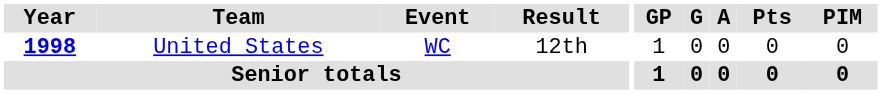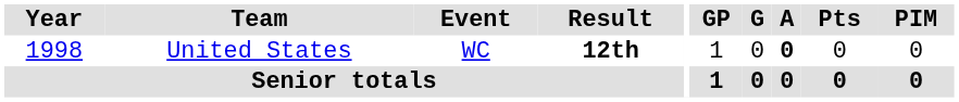 <table border="0" cellpadding="1" cellspacing="0" ID="Table3" style="text-align:center; width:40em">
 <tr ALIGN="center" bgcolor="#e0e0e0">
 <th>Year</th>
 <th>Team</th>
 <th>Event</th>
 <th>Result</th>
 <th rowspan="99" bgcolor="#ffffff"></th>
 <th>GP</th>
 <th>G</th>
 <th>A</th>
 <th>Pts</th>
 <th>PIM</th>
 </tr>
 <tr>
-<td><strong><a href='#'>1998</a></strong></td>
+<td><a href='#'>1998</a></td>
 <td><a href='#'>United States</a></td>
 <td><a href='#'>WC</a></td>
-<td>12th</td>
+<td><strong>12th</strong></td>
 <td>1</td>
 <td>0</td>
-<td>0</td>
+<td><strong>0</strong></td>
 <td>0</td>
 <td>0</td>
 </tr>
 <tr bgcolor="#e0e0e0">
 <th colspan="4">Senior totals</th>
 <th>1</th>
 <th>0</th>
 <th>0</th>
 <th>0</th>
 <th>0</th>
 </tr>
 </table>
